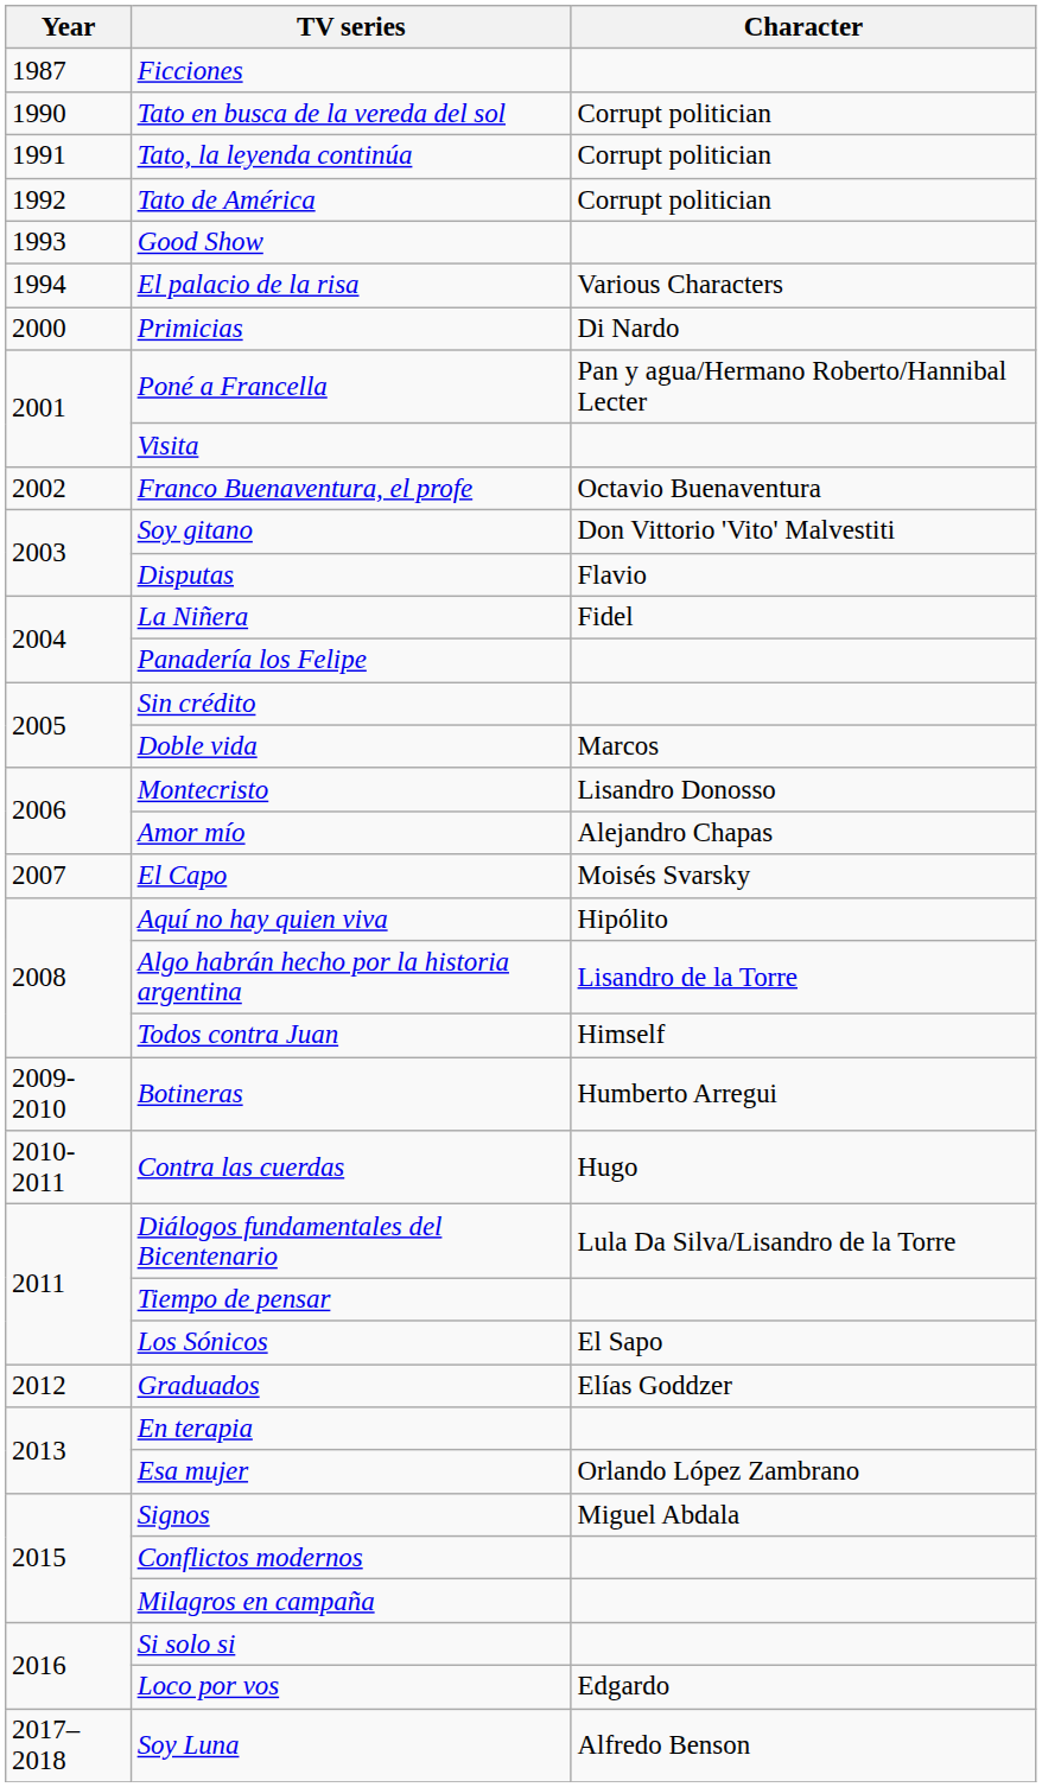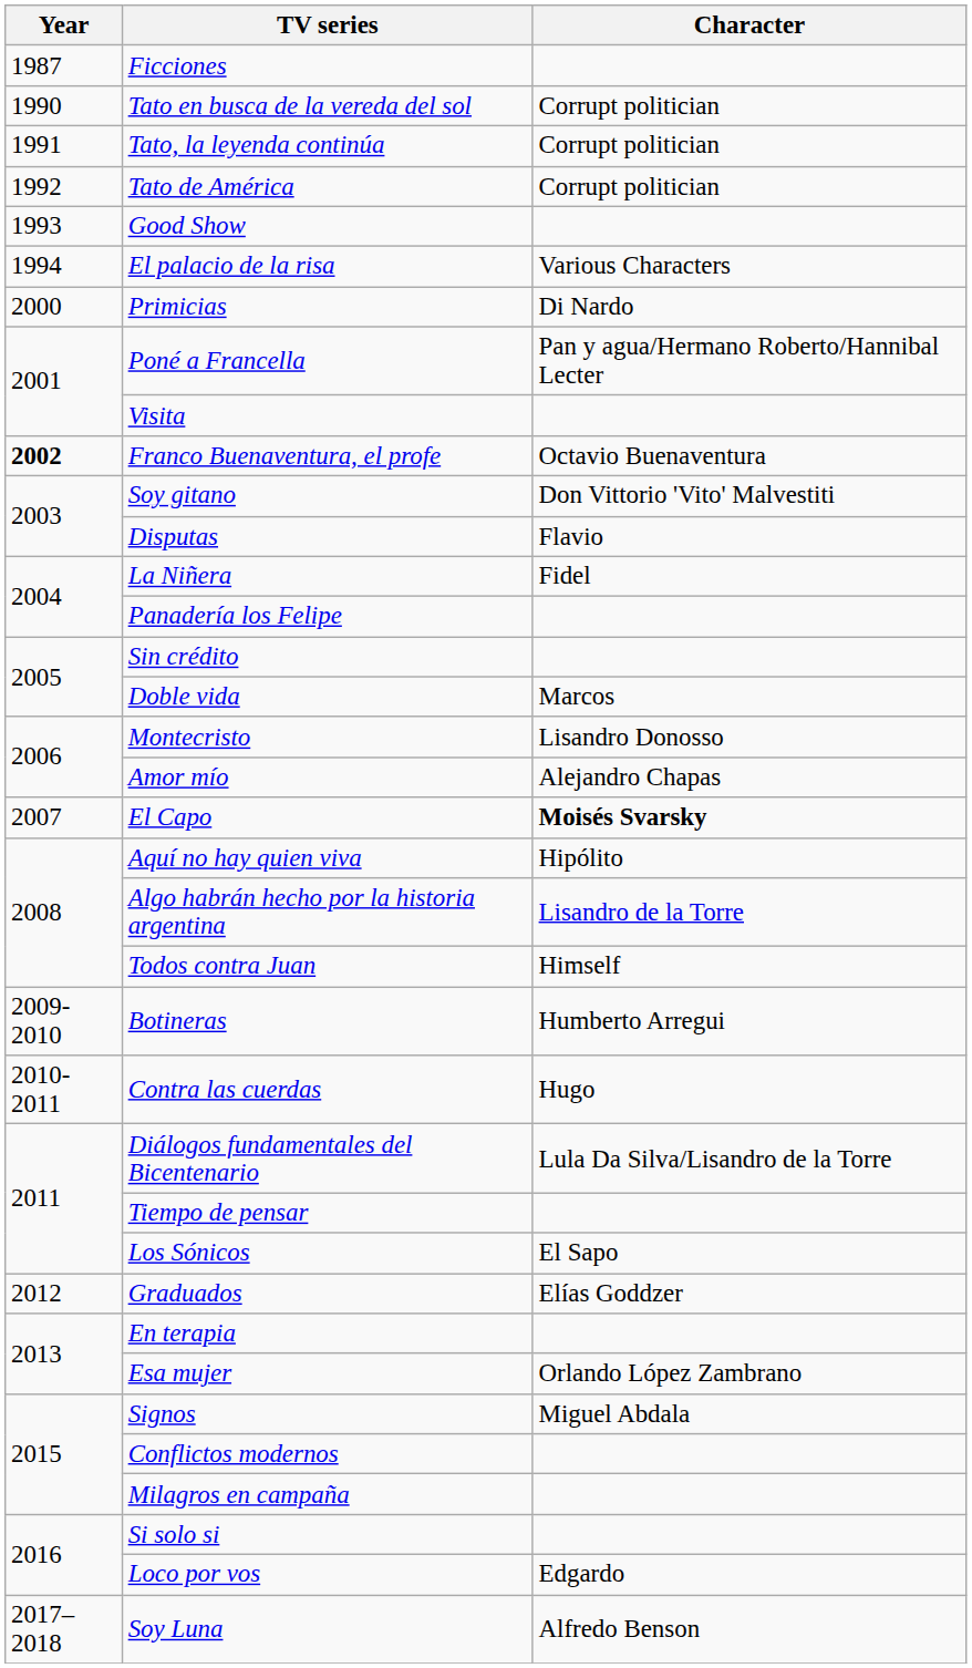 <table class="wikitable">
 <tr>
 <th>Year</th>
 <th>TV series</th>
 <th>Character</th>
 </tr>
 <tr>
 <td>1987</td>
 <td><em><a href='#'>Ficciones</a></em></td>
 <td></td>
 </tr>
 <tr>
 <td>1990</td>
 <td><em><a href='#'>Tato en busca de la vereda del sol</a></em></td>
 <td>Corrupt politician</td>
 </tr>
 <tr>
 <td>1991</td>
 <td><em><a href='#'>Tato, la leyenda continúa</a></em></td>
 <td>Corrupt politician</td>
 </tr>
 <tr>
 <td>1992</td>
 <td><em><a href='#'>Tato de América</a></em></td>
 <td>Corrupt politician</td>
 </tr>
 <tr>
 <td>1993</td>
 <td><em><a href='#'>Good Show</a></em></td>
 <td></td>
 </tr>
 <tr>
 <td>1994</td>
 <td><em><a href='#'>El palacio de la risa</a></em></td>
 <td>Various Characters</td>
 </tr>
 <tr>
 <td>2000</td>
 <td><em><a href='#'>Primicias</a></em></td>
 <td>Di Nardo</td>
 </tr>
 <tr>
 <td rowspan="2">2001</td>
 <td><em><a href='#'>Poné a Francella</a></em></td>
 <td>Pan y agua/Hermano Roberto/Hannibal Lecter</td>
 </tr>
 <tr>
 <td><em><a href='#'>Visita</a></em></td>
 <td></td>
 </tr>
 <tr>
-<td>2002</td>
+<td><strong>2002</strong></td>
 <td><em><a href='#'>Franco Buenaventura, el profe</a></em></td>
 <td>Octavio Buenaventura</td>
 </tr>
 <tr>
 <td rowspan="2">2003</td>
 <td><em><a href='#'>Soy gitano</a></em></td>
 <td>Don Vittorio 'Vito' Malvestiti</td>
 </tr>
 <tr>
 <td><em><a href='#'>Disputas</a></em></td>
 <td>Flavio</td>
 </tr>
 <tr>
 <td rowspan="2">2004</td>
 <td><em><a href='#'>La Niñera</a></em></td>
 <td>Fidel</td>
 </tr>
 <tr>
 <td><em><a href='#'>Panadería los Felipe</a></em></td>
 <td></td>
 </tr>
 <tr>
 <td rowspan="2">2005</td>
 <td><em><a href='#'>Sin crédito</a></em></td>
 <td></td>
 </tr>
 <tr>
 <td><em><a href='#'>Doble vida</a></em></td>
 <td>Marcos</td>
 </tr>
 <tr>
 <td rowspan="2">2006</td>
 <td><em><a href='#'>Montecristo</a></em></td>
 <td>Lisandro Donosso</td>
 </tr>
 <tr>
 <td><em><a href='#'>Amor mío</a></em></td>
 <td>Alejandro Chapas</td>
 </tr>
 <tr>
 <td>2007</td>
 <td><em><a href='#'>El Capo</a></em></td>
-<td>Moisés Svarsky</td>
+<td><strong>Moisés Svarsky</strong></td>
 </tr>
 <tr>
 <td rowspan="3">2008</td>
 <td><em><a href='#'>Aquí no hay quien viva</a></em></td>
 <td>Hipólito</td>
 </tr>
 <tr>
 <td><em><a href='#'>Algo habrán hecho por la historia argentina</a></em></td>
 <td><a href='#'>Lisandro de la Torre</a></td>
 </tr>
 <tr>
 <td><em><a href='#'>Todos contra Juan</a></em></td>
 <td>Himself</td>
 </tr>
 <tr>
 <td>2009-2010</td>
 <td><em><a href='#'>Botineras</a></em></td>
 <td>Humberto Arregui</td>
 </tr>
 <tr>
 <td>2010-2011</td>
 <td><em><a href='#'>Contra las cuerdas</a></em></td>
 <td>Hugo</td>
 </tr>
 <tr>
 <td rowspan="3">2011</td>
 <td><em><a href='#'>Diálogos fundamentales del Bicentenario</a></em></td>
 <td>Lula Da Silva/Lisandro de la Torre</td>
 </tr>
 <tr>
 <td><em><a href='#'>Tiempo de pensar</a></em></td>
 <td></td>
 </tr>
 <tr>
 <td><em><a href='#'>Los Sónicos</a></em></td>
 <td>El Sapo</td>
 </tr>
 <tr>
 <td>2012</td>
 <td><em><a href='#'>Graduados</a></em></td>
 <td>Elías Goddzer</td>
 </tr>
 <tr>
 <td rowspan="2">2013</td>
 <td><em><a href='#'>En terapia</a></em></td>
 <td></td>
 </tr>
 <tr>
 <td><em><a href='#'>Esa mujer</a></em></td>
 <td>Orlando López Zambrano</td>
 </tr>
 <tr>
 <td rowspan="3">2015</td>
 <td><em><a href='#'>Signos</a></em></td>
 <td>Miguel Abdala</td>
 </tr>
 <tr>
 <td><em><a href='#'>Conflictos modernos</a></em></td>
 <td></td>
 </tr>
 <tr>
 <td><em><a href='#'>Milagros en campaña</a></em></td>
 <td></td>
 </tr>
 <tr>
 <td rowspan="2">2016</td>
 <td><em><a href='#'>Si solo si</a></em></td>
 <td></td>
 </tr>
 <tr>
 <td><em><a href='#'>Loco por vos</a></em></td>
 <td>Edgardo</td>
 </tr>
 <tr>
 <td>2017–2018</td>
 <td><em><a href='#'>Soy Luna</a></em></td>
 <td>Alfredo Benson</td>
 </tr>
 </table>
